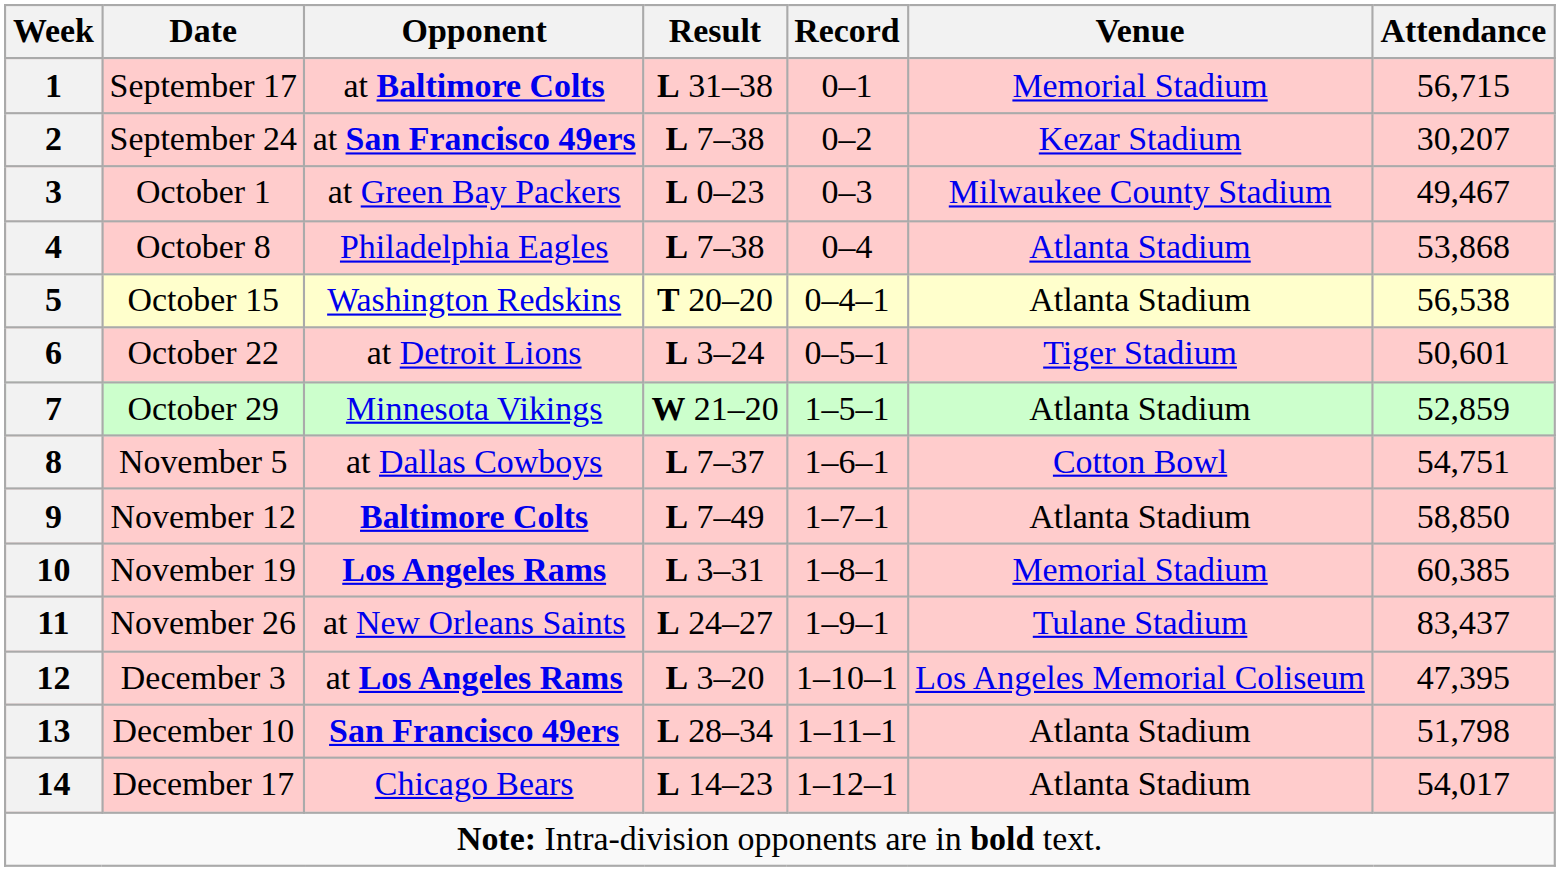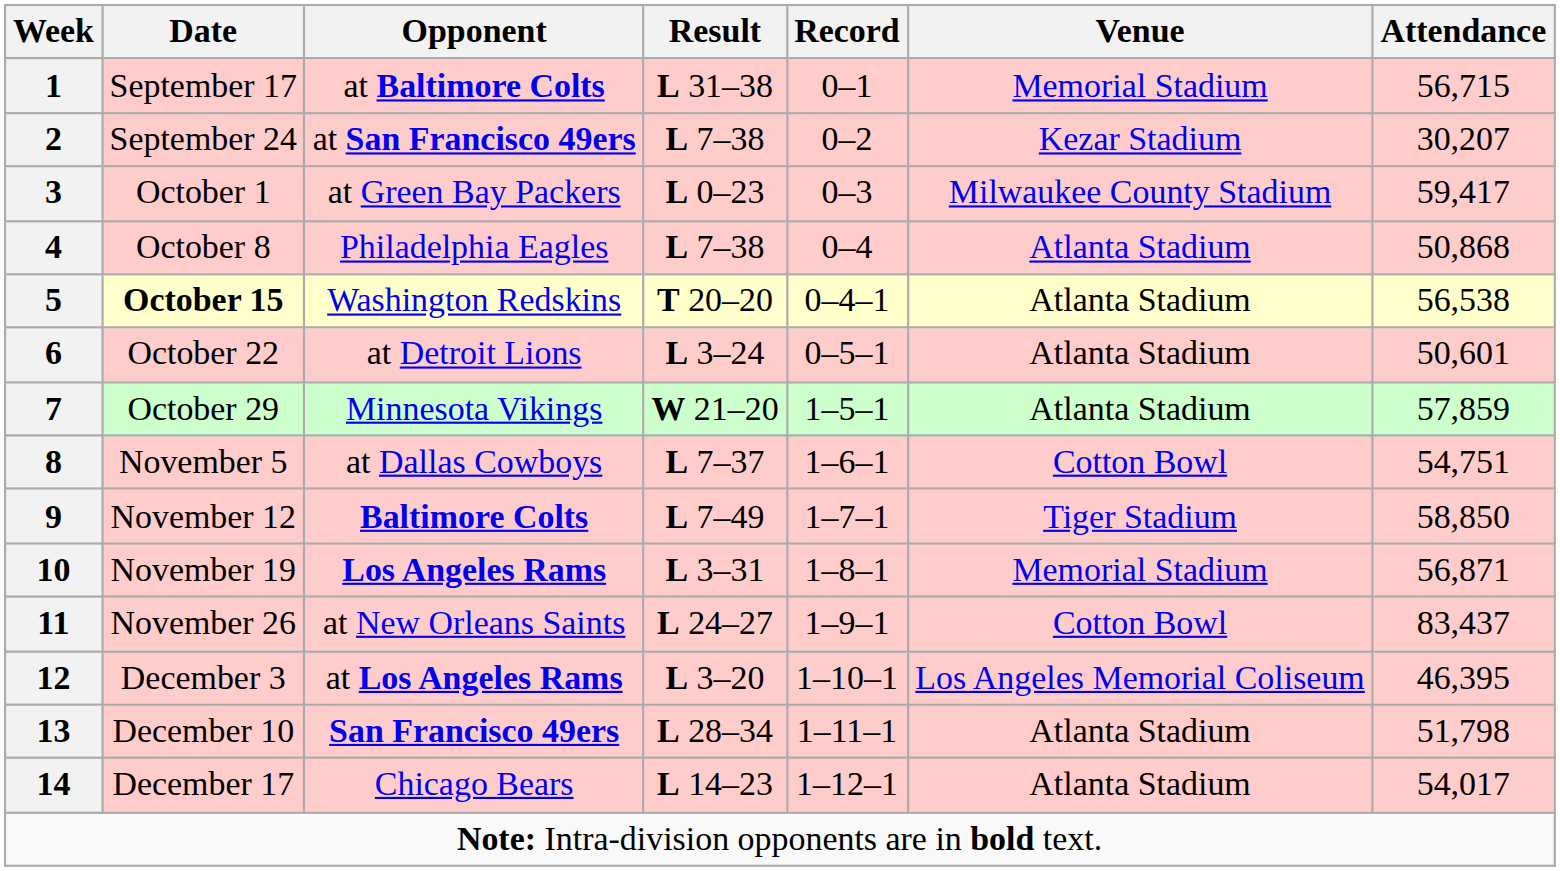 <table class="wikitable" style="text-align:center">
 <tr>
 <th>Week</th>
 <th>Date</th>
 <th>Opponent</th>
 <th>Result</th>
 <th>Record</th>
 <th>Venue</th>
 <th>Attendance</th>
 </tr>
 <tr style="background:#fcc">
 <th>1</th>
 <td>September 17</td>
 <td>at <strong><a href='#'>Baltimore Colts</a></strong></td>
 <td><strong>L</strong> 31–38</td>
 <td>0–1</td>
 <td><a href='#'>Memorial Stadium</a></td>
 <td>56,715</td>
 </tr>
 <tr style="background:#fcc">
 <th>2</th>
 <td>September 24</td>
 <td>at <strong><a href='#'>San Francisco 49ers</a></strong></td>
 <td><strong>L</strong> 7–38</td>
 <td>0–2</td>
 <td><a href='#'>Kezar Stadium</a></td>
 <td>30,207</td>
 </tr>
 <tr style="background:#fcc">
 <th>3</th>
 <td>October 1</td>
 <td>at <a href='#'>Green Bay Packers</a></td>
 <td><strong>L</strong> 0–23</td>
 <td>0–3</td>
 <td><a href='#'>Milwaukee County Stadium</a></td>
-<td>49,467</td>
+<td>59,417</td>
 </tr>
 <tr style="background:#fcc">
 <th>4</th>
 <td>October 8</td>
 <td><a href='#'>Philadelphia Eagles</a></td>
 <td><strong>L</strong> 7–38</td>
 <td>0–4</td>
 <td><a href='#'>Atlanta Stadium</a></td>
-<td>53,868</td>
+<td>50,868</td>
 </tr>
 <tr style="background:#ffc">
 <th>5</th>
-<td>October 15</td>
+<td><strong>October 15</strong></td>
 <td><a href='#'>Washington Redskins</a></td>
 <td><strong>T</strong> 20–20</td>
 <td>0–4–1</td>
 <td>Atlanta Stadium</td>
 <td>56,538</td>
 </tr>
 <tr style="background:#fcc">
 <th>6</th>
 <td>October 22</td>
 <td>at <a href='#'>Detroit Lions</a></td>
 <td><strong>L</strong> 3–24</td>
 <td>0–5–1</td>
-<td><a href='#'>Tiger Stadium</a></td>
+<td>Atlanta Stadium</td>
 <td>50,601</td>
 </tr>
 <tr style="background:#cfc">
 <th>7</th>
 <td>October 29</td>
 <td><a href='#'>Minnesota Vikings</a></td>
 <td><strong>W</strong> 21–20</td>
 <td>1–5–1</td>
 <td>Atlanta Stadium</td>
-<td>52,859</td>
+<td>57,859</td>
 </tr>
 <tr style="background:#fcc">
 <th>8</th>
 <td>November 5</td>
 <td>at <a href='#'>Dallas Cowboys</a></td>
 <td><strong>L</strong> 7–37</td>
 <td>1–6–1</td>
 <td><a href='#'>Cotton Bowl</a></td>
 <td>54,751</td>
 </tr>
 <tr style="background:#fcc">
 <th>9</th>
 <td>November 12</td>
 <td><strong><a href='#'>Baltimore Colts</a></strong></td>
 <td><strong>L</strong> 7–49</td>
 <td>1–7–1</td>
-<td>Atlanta Stadium</td>
+<td><a href='#'>Tiger Stadium</a></td>
 <td>58,850</td>
 </tr>
 <tr style="background:#fcc">
 <th>10</th>
 <td>November 19</td>
 <td><strong><a href='#'>Los Angeles Rams</a></strong></td>
 <td><strong>L</strong> 3–31</td>
 <td>1–8–1</td>
 <td><a href='#'>Memorial Stadium</a></td>
-<td>60,385</td>
+<td>56,871</td>
 </tr>
 <tr style="background:#fcc">
 <th>11</th>
 <td>November 26</td>
 <td>at <a href='#'>New Orleans Saints</a></td>
 <td><strong>L</strong> 24–27</td>
 <td>1–9–1</td>
-<td><a href='#'>Tulane Stadium</a></td>
+<td><a href='#'>Cotton Bowl</a></td>
 <td>83,437</td>
 </tr>
 <tr style="background:#fcc">
 <th>12</th>
 <td>December 3</td>
 <td>at <strong><a href='#'>Los Angeles Rams</a></strong></td>
 <td><strong>L</strong> 3–20</td>
 <td>1–10–1</td>
 <td><a href='#'>Los Angeles Memorial Coliseum</a></td>
-<td>47,395</td>
+<td>46,395</td>
 </tr>
 <tr style="background:#fcc">
 <th>13</th>
 <td>December 10</td>
 <td><strong><a href='#'>San Francisco 49ers</a></strong></td>
 <td><strong>L</strong> 28–34</td>
 <td>1–11–1</td>
 <td>Atlanta Stadium</td>
 <td>51,798</td>
 </tr>
 <tr style="background:#fcc">
 <th>14</th>
 <td>December 17</td>
 <td><a href='#'>Chicago Bears</a></td>
 <td><strong>L</strong> 14–23</td>
 <td>1–12–1</td>
 <td>Atlanta Stadium</td>
 <td>54,017</td>
 </tr>
 <tr>
 <td colspan="7"><strong>Note:</strong> Intra-division opponents are in <strong>bold</strong> text.</td>
 </tr>
 </table>
